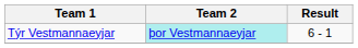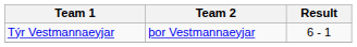 <table class="wikitable">
 <tr>
 <th width="180">Team 1</th>
 <th width="180">Team 2</th>
 <th width="80">Result</th>
 </tr>
 <tr>
 <td><a href='#'>Týr Vestmannaeyjar</a></td>
-<td style="background: paleturquoise;"><a href='#'>þor Vestmannaeyjar</a></td>
+<td><a href='#'>þor Vestmannaeyjar</a></td>
 <td align="center">6 - 1</td>
 </tr>
 <tr style="background:#EFEFEF">
 </tr>
 </table>
